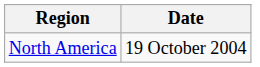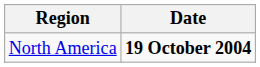 <table class="wikitable">
 <tr>
 <th>Region</th>
 <th>Date</th>
 </tr>
 <tr>
 <td><a href='#'>North America</a></td>
-<td style="text-align:center;">19 October 2004</td>
+<td style="text-align:center;"><strong>19 October 2004</strong></td>
 </tr>
 </table>
